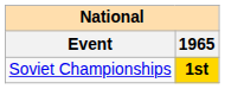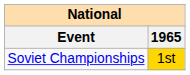 <table class="wikitable" style="text-align:center">
 <tr>
 <th style="background-color: #ffdead; " colspan=2 align=center>National</th>
 </tr>
 <tr>
 <th>Event</th>
 <th>1965</th>
 </tr>
 <tr>
 <td align=left><a href='#'>Soviet Championships</a></td>
-<td bgcolor=gold><strong>1st</strong></td>
+<td bgcolor=gold>1st</td>
 </tr>
 </table>
